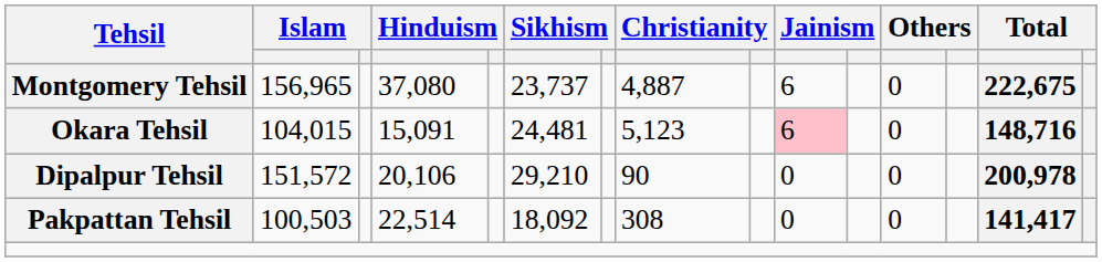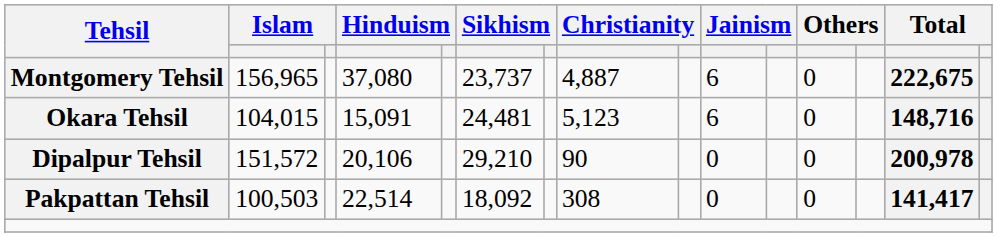 <table class="wikitable sortable">
 <tr>
 <th rowspan="2"><a href='#'>Tehsil</a></th>
 <th colspan="2"><a href='#'>Islam</a> </th>
 <th colspan="2"><a href='#'>Hinduism</a> </th>
 <th colspan="2"><a href='#'>Sikhism</a> </th>
 <th colspan="2"><a href='#'>Christianity</a> </th>
 <th colspan="2"><a href='#'>Jainism</a> </th>
 <th colspan="2">Others</th>
 <th colspan="2">Total</th>
 </tr>
 <tr>
 <th><a href='#'></a></th>
 <th></th>
 <th></th>
 <th></th>
 <th></th>
 <th></th>
 <th></th>
 <th></th>
 <th></th>
 <th></th>
 <th></th>
 <th></th>
 <th></th>
 <th></th>
 </tr>
 <tr>
 <th>Montgomery Tehsil</th>
 <td>156,965</td>
 <td></td>
 <td>37,080</td>
 <td></td>
 <td>23,737</td>
 <td></td>
 <td>4,887</td>
 <td></td>
 <td>6</td>
 <td></td>
 <td>0</td>
 <td></td>
 <th>222,675</th>
 <th></th>
 </tr>
 <tr>
 <th>Okara Tehsil</th>
 <td>104,015</td>
 <td></td>
 <td>15,091</td>
 <td></td>
 <td>24,481</td>
 <td></td>
 <td>5,123</td>
 <td></td>
-<td style="background: pink;">6</td>
+<td>6</td>
 <td></td>
 <td>0</td>
 <td></td>
 <th>148,716</th>
 <th></th>
 </tr>
 <tr>
 <th>Dipalpur Tehsil</th>
 <td>151,572</td>
 <td></td>
 <td>20,106</td>
 <td></td>
 <td>29,210</td>
 <td></td>
 <td>90</td>
 <td></td>
 <td>0</td>
 <td></td>
 <td>0</td>
 <td></td>
 <th>200,978</th>
 <th></th>
 </tr>
 <tr>
 <th>Pakpattan Tehsil</th>
 <td>100,503</td>
 <td></td>
 <td>22,514</td>
 <td></td>
 <td>18,092</td>
 <td></td>
 <td>308</td>
 <td></td>
 <td>0</td>
 <td></td>
 <td>0</td>
 <td></td>
 <th>141,417</th>
 <th></th>
 </tr>
 <tr class="sortbottom">
 <td colspan="15"></td>
 </tr>
 </table>
